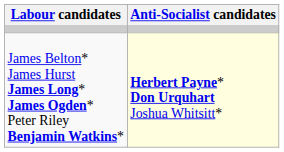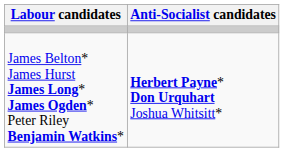 <table class="wikitable">
 <tr>
 <th><a href='#'>Labour</a> candidates</th>
 <th><a href='#'>Anti-Socialist</a> candidates</th>
 </tr>
 <tr bgcolor="#cccccc">
 <td></td>
 <td></td>
 </tr>
 <tr>
 <td><br><a href='#'>James Belton</a>*<br> <a href='#'>James Hurst</a><br> <strong><a href='#'>James Long</a></strong>*<br> <strong><a href='#'>James Ogden</a></strong>*<br> Peter Riley<br> <strong><a href='#'>Benjamin Watkins</a></strong>*</td>
-<td style="background: lightyellow;"><br><strong><a href='#'>Herbert Payne</a></strong>*<br> <strong><a href='#'>Don Urquhart</a></strong><br> <a href='#'>Joshua Whitsitt</a>*</td>
+<td><br><strong><a href='#'>Herbert Payne</a></strong>*<br> <strong><a href='#'>Don Urquhart</a></strong><br> <a href='#'>Joshua Whitsitt</a>*</td>
 </tr>
 </table>
